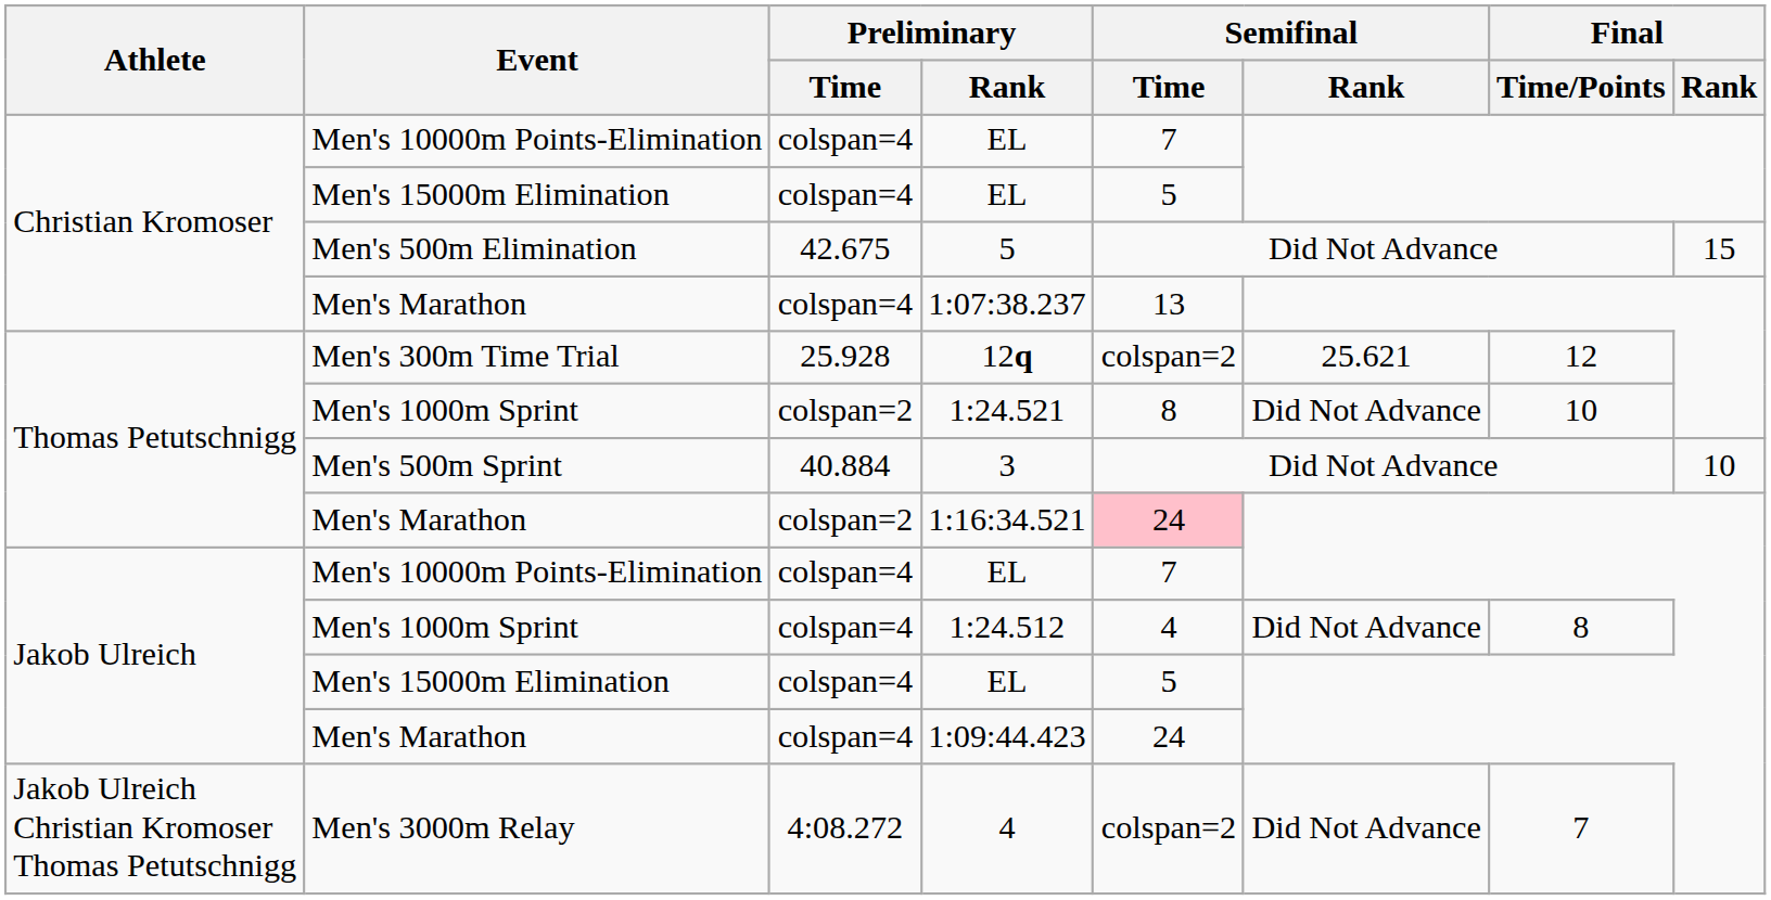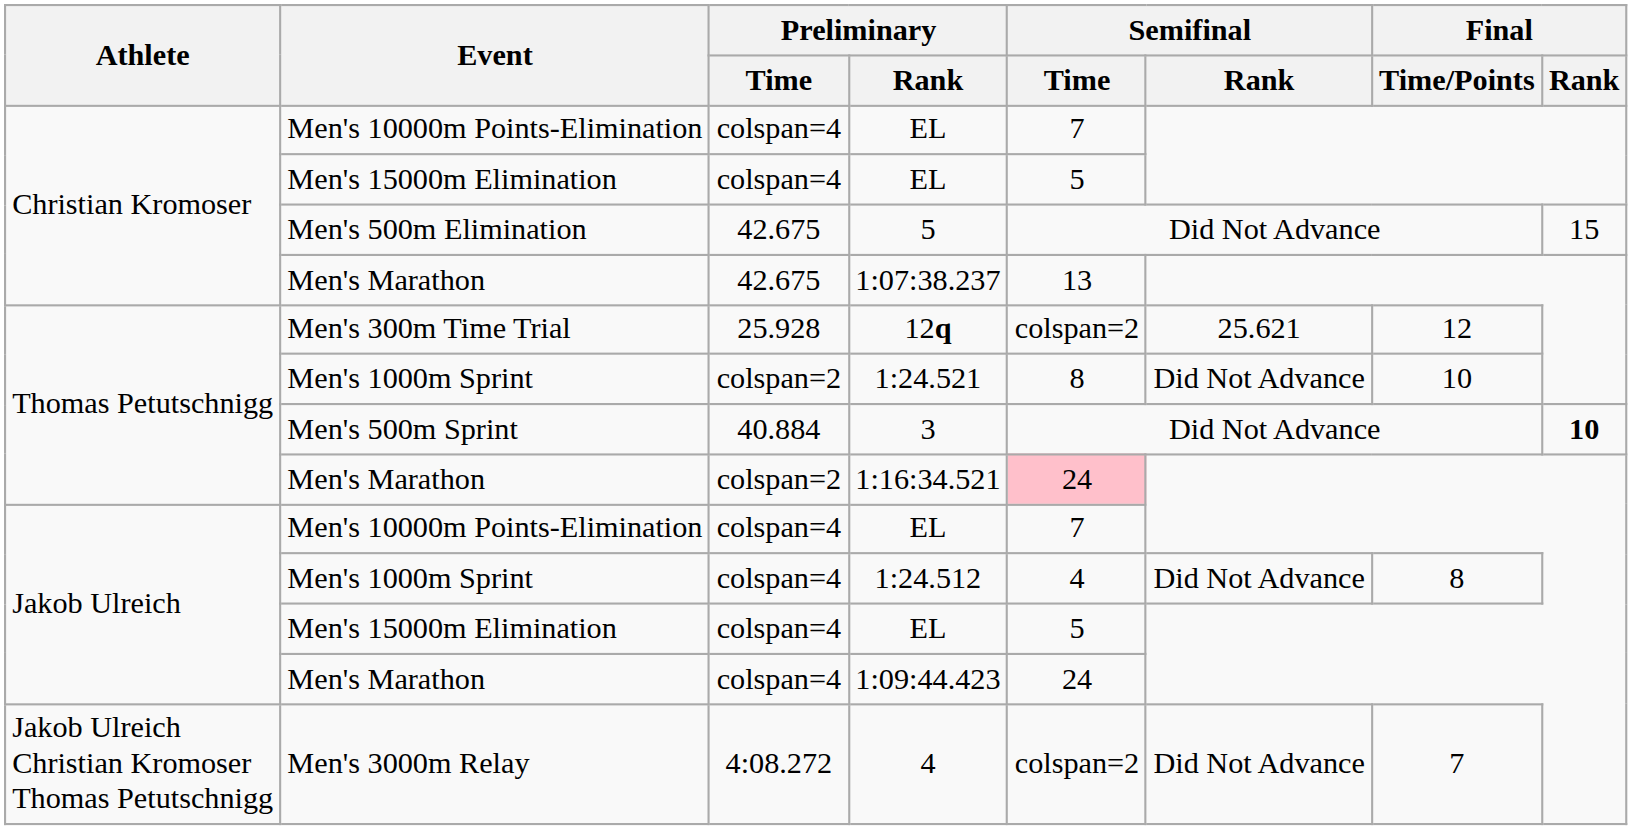 <table class="wikitable" border="1" style="font-size:90%">
 <tr>
 <th rowspan=2>Athlete</th>
 <th rowspan=2>Event</th>
 <th colspan=2>Preliminary</th>
 <th colspan=2>Semifinal</th>
 <th colspan=2>Final</th>
 </tr>
 <tr>
 <th>Time</th>
 <th>Rank</th>
 <th>Time</th>
 <th>Rank</th>
 <th>Time/Points</th>
 <th>Rank</th>
 </tr>
 <tr align=center>
 <td rowspan=4 align=left>Christian Kromoser</td>
 <td align=left>Men's 10000m Points-Elimination</td>
 <td>colspan=4 </td>
 <td>EL</td>
 <td>7</td>
 </tr>
 <tr align=center>
 <td align=left>Men's 15000m Elimination</td>
 <td>colspan=4 </td>
 <td>EL</td>
 <td>5</td>
 </tr>
 <tr align=center>
 <td align=left>Men's 500m Elimination</td>
 <td>42.675</td>
 <td>5</td>
 <td colspan=3>Did Not Advance</td>
 <td>15</td>
 </tr>
 <tr align=center>
 <td align=left>Men's Marathon</td>
-<td>colspan=4 </td>
+<td>42.675</td>
 <td>1:07:38.237</td>
 <td>13</td>
 </tr>
 <tr align=center>
 <td rowspan=4 align=left>Thomas Petutschnigg</td>
 <td align=left>Men's 300m Time Trial</td>
 <td>25.928</td>
 <td>12<strong>q</strong></td>
 <td>colspan=2 </td>
 <td>25.621</td>
 <td>12</td>
 </tr>
 <tr align=center>
 <td align=left>Men's 1000m Sprint</td>
 <td>colspan=2 </td>
 <td>1:24.521</td>
 <td>8</td>
 <td>Did Not Advance</td>
 <td>10</td>
 </tr>
 <tr align=center>
 <td align=left>Men's 500m Sprint</td>
 <td>40.884</td>
 <td>3</td>
 <td colspan=3>Did Not Advance</td>
-<td>10</td>
+<td><strong>10</strong></td>
 </tr>
 <tr align=center>
 <td align=left>Men's Marathon</td>
 <td>colspan=2 </td>
 <td>1:16:34.521</td>
 <td style="background: pink;">24</td>
 </tr>
 <tr align=center>
 <td rowspan=4 align=left>Jakob Ulreich</td>
 <td align=left>Men's 10000m Points-Elimination</td>
 <td>colspan=4 </td>
 <td>EL</td>
 <td>7</td>
 </tr>
 <tr align=center>
 <td align=left>Men's 1000m Sprint</td>
 <td>colspan=4 </td>
 <td>1:24.512</td>
 <td>4</td>
 <td>Did Not Advance</td>
 <td>8</td>
 </tr>
 <tr align=center>
 <td align=left>Men's 15000m Elimination</td>
 <td>colspan=4 </td>
 <td>EL</td>
 <td>5</td>
 </tr>
 <tr align=center>
 <td align=left>Men's Marathon</td>
 <td>colspan=4 </td>
 <td>1:09:44.423</td>
 <td>24</td>
 </tr>
 <tr align=center>
 <td align=left>Jakob Ulreich<br>Christian Kromoser<br>Thomas Petutschnigg</td>
 <td align=left>Men's 3000m Relay</td>
 <td>4:08.272</td>
 <td>4</td>
 <td>colspan=2 </td>
 <td>Did Not Advance</td>
 <td>7</td>
 </tr>
 </table>
